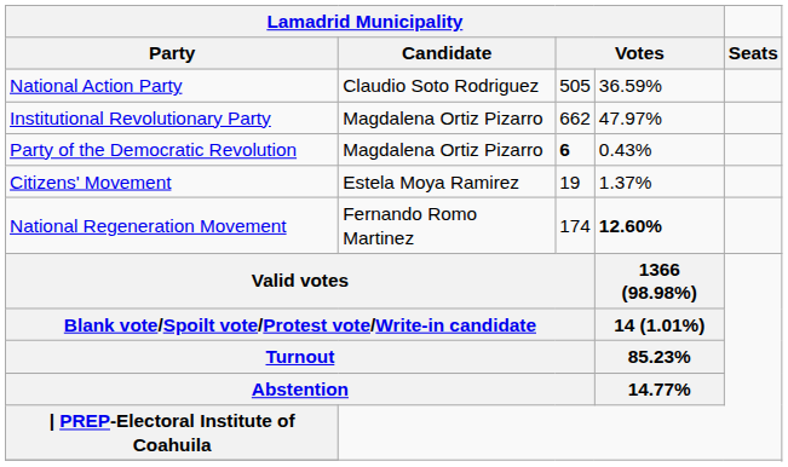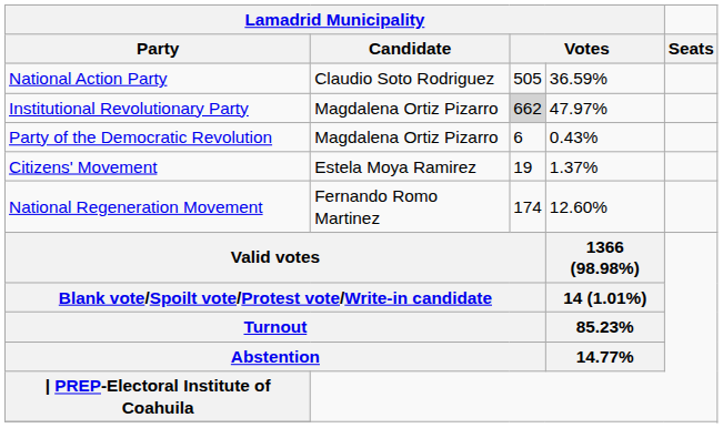 <table class="wikitable collapsible collapsed" style="font-size:95%; width:72%; line-height:126%; margin-bottom:0">
 <tr>
 <th Colspan = 4><strong><a href='#'>Lamadrid Municipality</a></strong></th>
 </tr>
 <tr style="background:#efefef;">
 <th Colspan = 1><strong>Party</strong></th>
 <th Colspan = 1><strong>Candidate</strong></th>
 <th Colspan = 2><strong>Votes</strong></th>
 <th Colspan = 1><strong>Seats</strong></th>
 </tr>
 <tr>
 <td> <a href='#'>National Action Party</a></td>
 <td>Claudio Soto Rodriguez</td>
 <td>505</td>
 <td>36.59%</td>
 <td></td>
 </tr>
 <tr>
 <td> <a href='#'>Institutional Revolutionary Party</a></td>
 <td>Magdalena Ortiz Pizarro</td>
-<td>662</td>
+<td style="background: lightgrey;">662</td>
 <td>47.97%</td>
 <td></td>
 </tr>
 <tr>
 <td> <a href='#'>Party of the Democratic Revolution</a></td>
 <td>Magdalena Ortiz Pizarro</td>
-<td><strong>6</strong></td>
+<td>6</td>
 <td>0.43%</td>
 <td></td>
 </tr>
 <tr>
 <td> <a href='#'>Citizens' Movement</a></td>
 <td>Estela Moya Ramirez</td>
 <td>19</td>
 <td>1.37%</td>
 <td></td>
 </tr>
 <tr>
 <td> <a href='#'>National Regeneration Movement</a></td>
 <td>Fernando Romo Martinez</td>
 <td>174</td>
-<td><strong>12.60%</strong></td>
+<td>12.60%</td>
 <td></td>
 </tr>
 <tr>
 <th Colspan = 3><strong>Valid votes</strong></th>
 <th>1366 (98.98%)</th>
 </tr>
 <tr>
 <th Colspan = 3><strong><a href='#'>Blank vote</a>/<a href='#'>Spoilt vote</a>/<a href='#'>Protest vote</a>/<a href='#'>Write-in candidate</a></strong></th>
 <th>14 (1.01%)</th>
 </tr>
 <tr>
 <th Colspan = 3><strong><a href='#'>Turnout</a></strong></th>
 <th>85.23%</th>
 </tr>
 <tr>
 <th Colspan = 3><strong><a href='#'>Abstention</a></strong></th>
 <th>14.77%</th>
 </tr>
 <tr>
 <th Colspan =>| <a href='#'>PREP</a>-Electoral Institute of Coahuila</th>
 </tr>
 <tr>
 </tr>
 </table>
